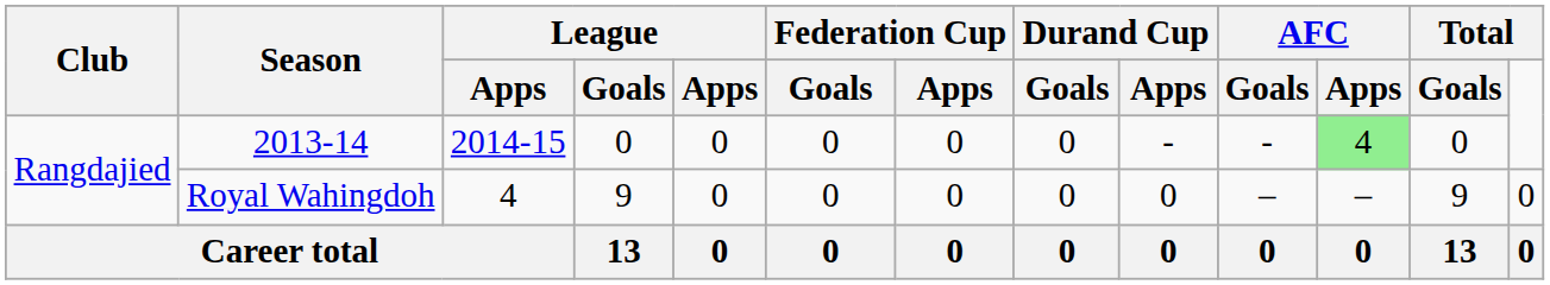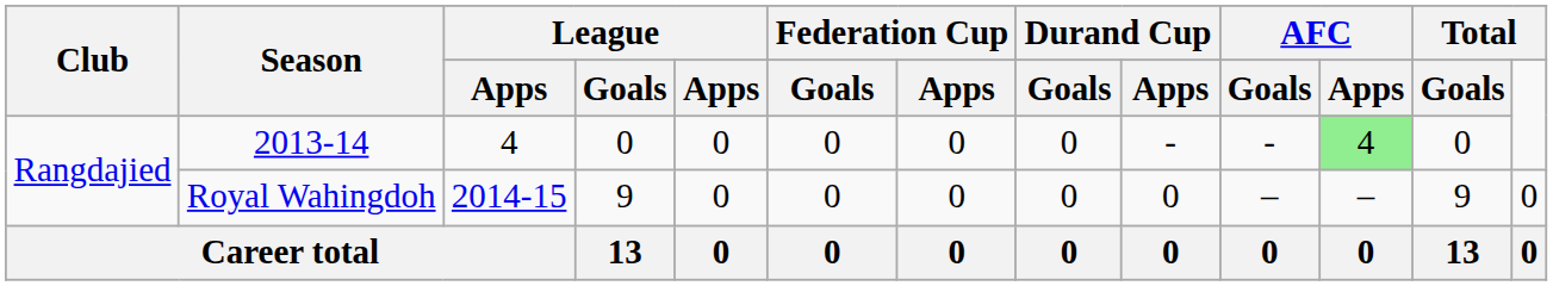 <table class="wikitable" style="text-align: center;">
 <tr>
 <th rowspan="2">Club</th>
 <th rowspan="2">Season</th>
 <th colspan="3">League</th>
 <th colspan="2">Federation Cup</th>
 <th colspan="2">Durand Cup</th>
 <th colspan="2"><a href='#'>AFC</a></th>
 <th colspan="2">Total</th>
 </tr>
 <tr>
 <th>Apps</th>
 <th>Goals</th>
 <th>Apps</th>
 <th>Goals</th>
 <th>Apps</th>
 <th>Goals</th>
 <th>Apps</th>
 <th>Goals</th>
 <th>Apps</th>
 <th>Goals</th>
 </tr>
 <tr>
 <td rowspan="2"><a href='#'>Rangdajied</a></td>
 <td><a href='#'>2013-14</a></td>
-<td><a href='#'>2014-15</a></td>
+<td>4</td>
 <td>0</td>
 <td>0</td>
 <td>0</td>
 <td>0</td>
 <td>0</td>
 <td>-</td>
 <td>-</td>
 <td style="background: lightgreen;">4</td>
 <td>0</td>
 </tr>
 <tr>
 <td><a href='#'>Royal Wahingdoh</a></td>
-<td>4</td>
+<td><a href='#'>2014-15</a></td>
 <td>9</td>
 <td>0</td>
 <td>0</td>
 <td>0</td>
 <td>0</td>
 <td>0</td>
 <td>–</td>
 <td>–</td>
 <td>9</td>
 <td>0</td>
 </tr>
 <tr>
 <th colspan="3">Career total</th>
 <th>13</th>
 <th>0</th>
 <th>0</th>
 <th>0</th>
 <th>0</th>
 <th>0</th>
 <th>0</th>
 <th>0</th>
 <th>13</th>
 <th>0</th>
 </tr>
 </table>
